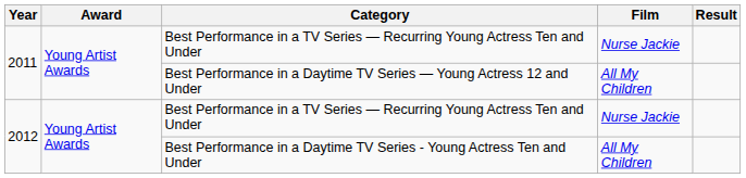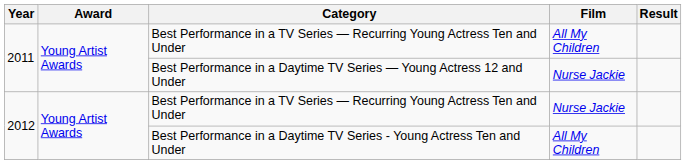 <table class="wikitable">
 <tr>
 <th>Year</th>
 <th>Award</th>
 <th>Category</th>
 <th>Film</th>
 <th>Result</th>
 </tr>
 <tr>
 <td rowspan=2>2011</td>
 <td rowspan=2><a href='#'>Young Artist Awards</a></td>
 <td>Best Performance in a TV Series — Recurring Young Actress Ten and Under</td>
-<td><em><a href='#'>Nurse Jackie</a></em></td>
+<td><em><a href='#'>All My Children</a></em></td>
 <td></td>
 </tr>
 <tr>
 <td>Best Performance in a Daytime TV Series — Young Actress 12 and Under</td>
-<td><em><a href='#'>All My Children</a></em></td>
+<td><em><a href='#'>Nurse Jackie</a></em></td>
 <td></td>
 </tr>
 <tr>
 <td rowspan=2>2012</td>
 <td rowspan=2><a href='#'>Young Artist Awards</a></td>
 <td>Best Performance in a TV Series — Recurring Young Actress Ten and Under</td>
 <td><em><a href='#'>Nurse Jackie</a></em></td>
 <td></td>
 </tr>
 <tr>
 <td>Best Performance in a Daytime TV Series - Young Actress Ten and Under</td>
 <td><em><a href='#'>All My Children</a></em></td>
 <td></td>
 </tr>
 </table>
